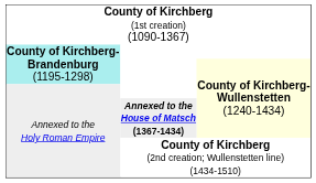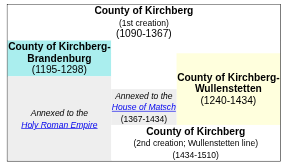 <table align="center" style="border-spacing: 0px; border: 1px solid black; text-align: center;">
 <tr>
 <td colspan=3 style="background: #fff;"><strong>County of Kirchberg</strong><br><small>(1st creation)</small><br>(1090-1367)</td>
 </tr>
 <tr>
 <td colspan=1 rowspan="2" style="background: #aee;"><strong>County of Kirchberg-<br>Brandenburg</strong><br>(1195-1298)</td>
 <td colspan=2 style="background: #fff;">      </td>
 </tr>
 <tr>
 <td colspan=1 style="background: #fff;">      </td>
 <td colspan=1 rowspan="3" style="background: #ffd;"><strong>County of Kirchberg-<br>Wullenstetten</strong><br>(1240-1434)<br></td>
 </tr>
 <tr>
 <td colspan=1 rowspan="3" style="background: #eee;"><small><em>Annexed to the<br><a href='#'>Holy Roman Empire</a></em></small></td>
 <td colspan=1 style="background: #fff;">      </td>
 </tr>
 <tr>
-<td colspan=1 style="background: #eee;"><strong><small><em>Annexed to the<br><a href='#'>House of Matsch</a></em><br>(1367-1434)</small></strong></td>
+<td colspan=1 style="background: #eee;"><small><em>Annexed to the<br><a href='#'>House of Matsch</a></em><br>(1367-1434)</small></td>
 </tr>
 <tr>
 <td colspan=2 style="background: #fff;"><strong>County of Kirchberg</strong><br><small>(2nd creation; Wullenstetten line)<br>(1434-1510)</small></td>
 </tr>
 <tr>
 </tr>
 </table>
